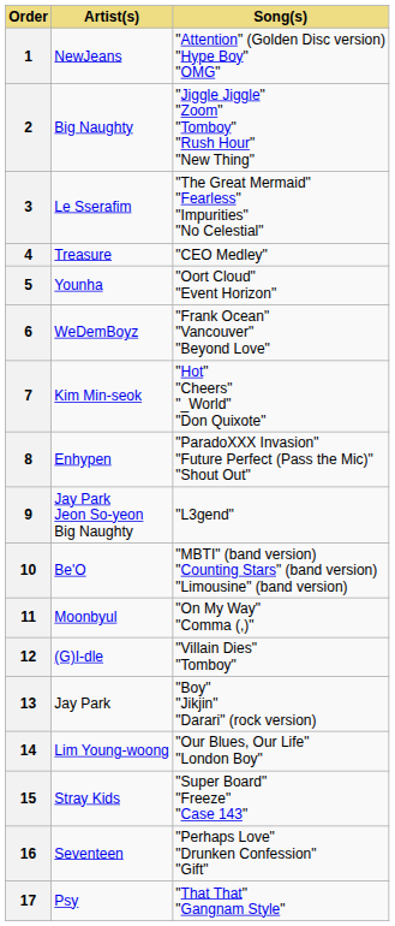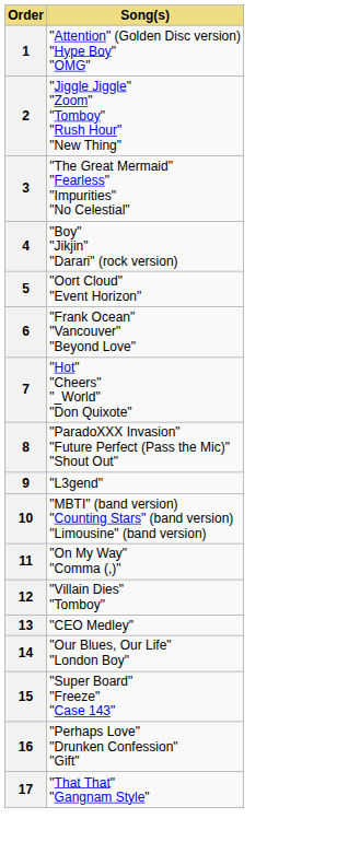 <table class="wikitable plainrowheaders" >
 <tr>
 <th scope="col" style="background:#EEDD82; ">Order</th>
-<th scope="col" style="background:#EEDD82">Artist(s)</th>
 <th scope="col" style="background:#EEDD82">Song(s)</th>
 </tr>
 <tr>
 <th scope="row" style="text-align:center;">1</th>
-<td><a href='#'>NewJeans</a></td>
 <td>"<a href='#'>Attention</a>" (Golden Disc version)<br>"<a href='#'>Hype Boy</a>"<br>"<a href='#'>OMG</a>"</td>
 </tr>
 <tr>
 <th scope="row" style="text-align:center;">2</th>
-<td><a href='#'>Big Naughty</a></td>
 <td>"<a href='#'>Jiggle Jiggle</a>"<br>"<a href='#'>Zoom</a>"<br>"<a href='#'>Tomboy</a>"<br>"<a href='#'>Rush Hour</a>"<br>"New Thing"</td>
 </tr>
 <tr>
 <th scope="row" style="text-align:center;">3</th>
-<td><a href='#'>Le Sserafim</a></td>
 <td>"The Great Mermaid"<br>"<a href='#'>Fearless</a>"<br>"Impurities"<br>"No Celestial"</td>
 </tr>
 <tr>
 <th scope="row" style="text-align:center;">4</th>
-<td><a href='#'>Treasure</a></td>
-<td>"CEO Medley"</td>
+<td>"Boy"<br>"Jikjin"<br>"Darari" (rock version)</td>
 </tr>
 <tr>
 <th scope="row" style="text-align:center;">5</th>
-<td><a href='#'>Younha</a></td>
 <td>"Oort Cloud"<br>"Event Horizon"</td>
 </tr>
 <tr>
 <th scope="row" style="text-align:center;">6</th>
-<td><a href='#'>WeDemBoyz</a></td>
 <td>"Frank Ocean"<br>"Vancouver"<br>"Beyond Love"</td>
 </tr>
 <tr>
 <th scope="row" style="text-align:center;">7</th>
-<td><a href='#'>Kim Min-seok</a></td>
 <td>"<a href='#'>Hot</a>"<br>"Cheers"<br>"_World"<br>"Don Quixote"</td>
 </tr>
 <tr>
 <th scope="row" style="text-align:center;">8</th>
-<td><a href='#'>Enhypen</a></td>
 <td>"ParadoXXX Invasion"<br>"Future Perfect (Pass the Mic)"<br>"Shout Out"</td>
 </tr>
 <tr>
 <th scope="row" style="text-align:center;">9</th>
-<td><a href='#'>Jay Park</a><br><a href='#'>Jeon So-yeon</a><br>Big Naughty</td>
 <td>"L3gend"</td>
 </tr>
 <tr>
 <th scope="row" style="text-align:center;">10</th>
-<td><a href='#'>Be'O</a></td>
 <td>"MBTI" (band version)<br>"<a href='#'>Counting Stars</a>" (band version)<br>"Limousine" (band version)</td>
 </tr>
 <tr>
 <th scope="row" style="text-align:center;">11</th>
-<td><a href='#'>Moonbyul</a></td>
 <td>"On My Way"<br>"Comma (,)"</td>
 </tr>
 <tr>
 <th scope="row" style="text-align:center;">12</th>
-<td><a href='#'>(G)I-dle</a></td>
 <td>"Villain Dies"<br>"Tomboy"</td>
 </tr>
 <tr>
 <th scope="row" style="text-align:center;">13</th>
-<td>Jay Park</td>
-<td>"Boy"<br>"Jikjin"<br>"Darari" (rock version)</td>
+<td>"CEO Medley"</td>
 </tr>
 <tr>
 <th scope="row" style="text-align:center;">14</th>
-<td><a href='#'>Lim Young-woong</a></td>
 <td>"Our Blues, Our Life"<br>"London Boy"</td>
 </tr>
 <tr>
 <th scope="row" style="text-align:center;">15</th>
-<td><a href='#'>Stray Kids</a></td>
 <td>"Super Board"<br>"Freeze"<br>"<a href='#'>Case 143</a>"</td>
 </tr>
 <tr>
 <th scope="row" style="text-align:center;">16</th>
-<td><a href='#'>Seventeen</a></td>
 <td>"Perhaps Love"<br>"Drunken Confession"<br>"Gift"</td>
 </tr>
 <tr>
 <th scope="row" style="text-align:center;">17</th>
-<td><a href='#'>Psy</a></td>
 <td>"<a href='#'>That That</a>"<br>"<a href='#'>Gangnam Style</a>"</td>
 </tr>
 </table>
